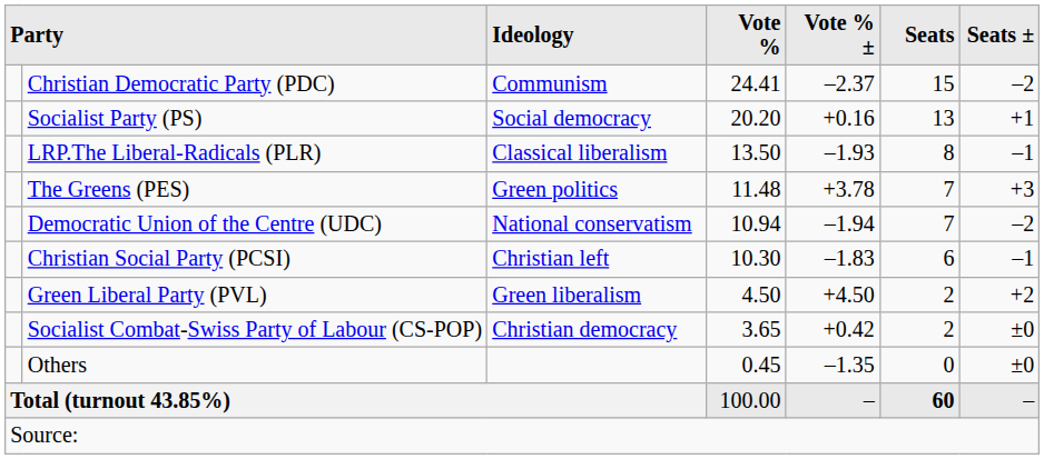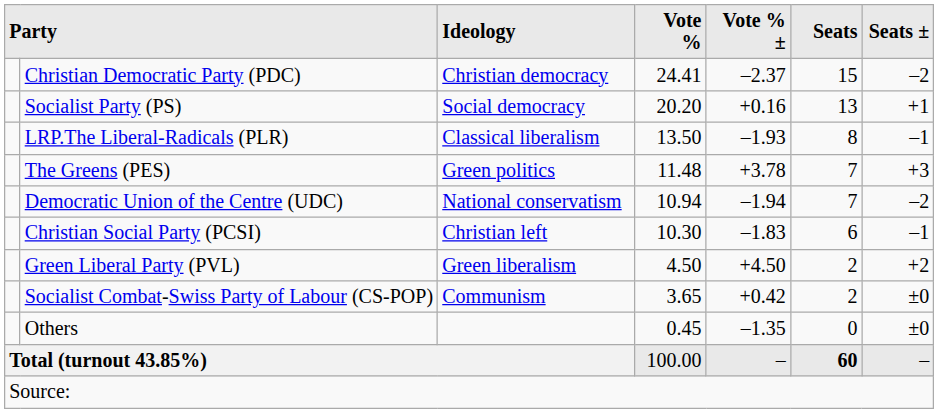 <table class="wikitable">
 <tr>
 <th style="background-color:#E9E9E9;text-align:left;" colspan=2>Party</th>
 <th style="background-color:#E9E9E9;text-align:left;" width=150px>Ideology</th>
 <th style="background-color:#E9E9E9;text-align:right;" width=50px>Vote %</th>
 <th style="background-color:#E9E9E9;text-align:right;" width=60px>Vote % ±</th>
 <th style="background-color:#E9E9E9;text-align:right;" width=50px>Seats</th>
 <th style="background-color:#E9E9E9;text-align:right;" width=50px>Seats ±</th>
 </tr>
 <tr>
 <td style="background-color: "></td>
 <td style="text-align:left;"><a href='#'>Christian Democratic Party</a> (PDC)</td>
-<td style="text-align:left;"><a href='#'>Communism</a></td>
+<td style="text-align:left;"><a href='#'>Christian democracy</a></td>
 <td style="text-align:right;">24.41</td>
 <td style="text-align:right;">–2.37</td>
 <td style="text-align:right;">15</td>
 <td style="text-align:right;">–2</td>
 </tr>
 <tr>
 <td style="background-color: "></td>
 <td style="text-align:left;"><a href='#'>Socialist Party</a> (PS)</td>
 <td style="text-align:left;"><a href='#'>Social democracy</a></td>
 <td style="text-align:right;">20.20</td>
 <td style="text-align:right;">+0.16</td>
 <td style="text-align:right;">13</td>
 <td style="text-align:right;">+1</td>
 </tr>
 <tr>
 <td style="background-color: "></td>
 <td style="text-align:left;"><a href='#'>LRP.The Liberal-Radicals</a> (PLR)</td>
 <td style="text-align:left;"><a href='#'>Classical liberalism</a></td>
 <td style="text-align:right;">13.50</td>
 <td style="text-align:right;">–1.93</td>
 <td style="text-align:right;">8</td>
 <td style="text-align:right;">–1</td>
 </tr>
 <tr>
 <td style="background-color: "></td>
 <td style="text-align:left;"><a href='#'>The Greens</a> (PES)</td>
 <td style="text-align:left;"><a href='#'>Green politics</a></td>
 <td style="text-align:right;">11.48</td>
 <td style="text-align:right;">+3.78</td>
 <td style="text-align:right;">7</td>
 <td style="text-align:right;">+3</td>
 </tr>
 <tr>
 <td width=5px style="background-color: "></td>
 <td style="text-align:left;"><a href='#'>Democratic Union of the Centre</a> (UDC)</td>
 <td style="text-align:left;"><a href='#'>National conservatism</a></td>
 <td style="text-align:right;">10.94</td>
 <td style="text-align:right;">–1.94</td>
 <td style="text-align:right;">7</td>
 <td style="text-align:right;">–2</td>
 </tr>
 <tr>
 <td width=5px style="background-color: "></td>
 <td style="text-align:left;"><a href='#'>Christian Social Party</a> (PCSI)</td>
 <td style="text-align:left;"><a href='#'>Christian left</a></td>
 <td style="text-align:right;">10.30</td>
 <td style="text-align:right;">–1.83</td>
 <td style="text-align:right;">6</td>
 <td style="text-align:right;">–1</td>
 </tr>
 <tr>
 <td width=5px style="background-color: "></td>
 <td style="text-align:left;"><a href='#'>Green Liberal Party</a> (PVL)</td>
 <td style="text-align:left;"><a href='#'>Green liberalism</a></td>
 <td style="text-align:right;">4.50</td>
 <td style="text-align:right;">+4.50</td>
 <td style="text-align:right;">2</td>
 <td style="text-align:right;">+2</td>
 </tr>
 <tr>
 <td width=5px style="background-color: "></td>
 <td style="text-align:left;"><a href='#'>Socialist Combat</a>-<a href='#'>Swiss Party of Labour</a> (CS-POP)</td>
-<td style="text-align:left;"><a href='#'>Christian democracy</a></td>
+<td style="text-align:left;"><a href='#'>Communism</a></td>
 <td style="text-align:right;">3.65</td>
 <td style="text-align:right;">+0.42</td>
 <td style="text-align:right;">2</td>
 <td style="text-align:right;">±0</td>
 </tr>
 <tr>
 <td></td>
 <td style="text-align:left;">Others</td>
 <td style="text-align:left;"></td>
 <td style="text-align:right;">0.45</td>
 <td style="text-align:right;">–1.35</td>
 <td style="text-align:right;">0</td>
 <td style="text-align:right;">±0</td>
 </tr>
 <tr style="background: #E9E9E9">
 <th style="text-align:left;" colspan=3>Total (turnout 43.85%)</th>
 <td style="text-align:right;">100.00</td>
 <td style="text-align:right;">–</td>
 <td style="text-align:right;"><strong>60</strong></td>
 <td style="text-align:right;">–</td>
 </tr>
 <tr>
 <td colspan=7 style="text-align:left;">Source: </td>
 </tr>
 </table>
